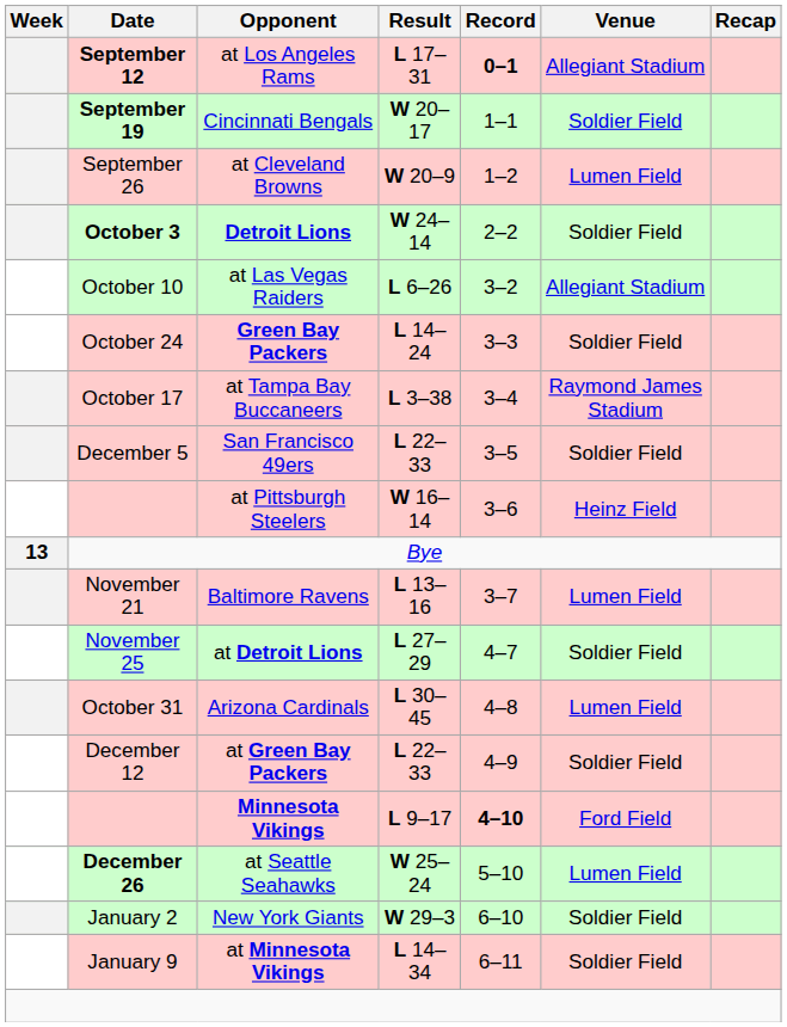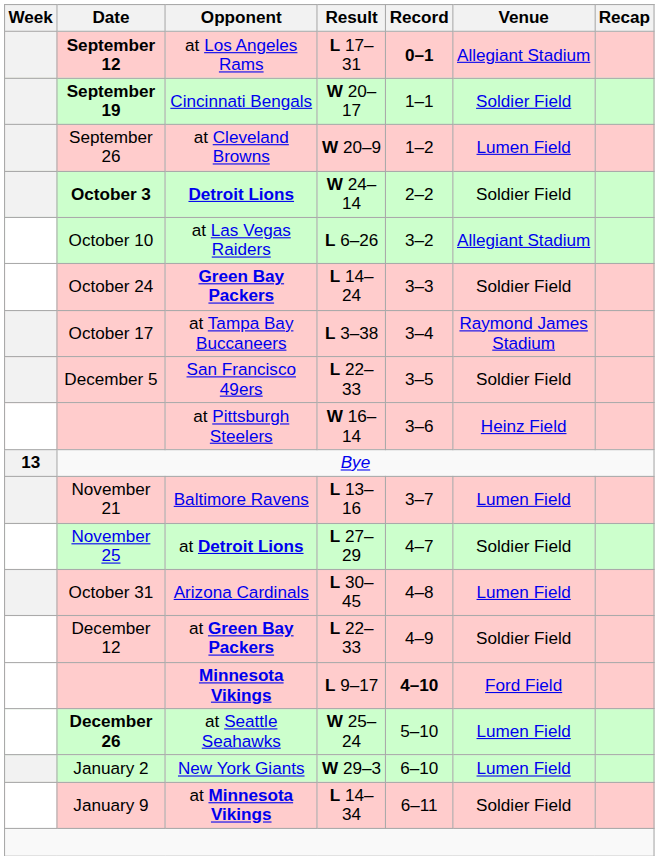 <table class="wikitable" style="text-align:center">
 <tr>
 <th>Week</th>
 <th>Date</th>
 <th>Opponent</th>
 <th>Result</th>
 <th>Record</th>
 <th>Venue</th>
 <th>Recap</th>
 </tr>
 <tr style="background:#fcc">
 <th><a href='#'></a></th>
 <td><strong>September 12</strong></td>
 <td>at <a href='#'>Los Angeles Rams</a></td>
 <td><strong>L</strong> 17–31</td>
 <td><strong>0–1</strong></td>
 <td><a href='#'>Allegiant Stadium</a></td>
 <td></td>
 </tr>
 <tr style="background:#cfc">
 <th><a href='#'></a></th>
 <td><strong>September 19</strong></td>
 <td><a href='#'>Cincinnati Bengals</a></td>
 <td><strong>W</strong> 20–17</td>
 <td>1–1</td>
 <td><a href='#'>Soldier Field</a></td>
 <td></td>
 </tr>
 <tr style="background:#fcc">
 <th><a href='#'></a></th>
 <td>September 26</td>
 <td>at <a href='#'>Cleveland Browns</a></td>
 <td><strong>W</strong> 20–9</td>
 <td>1–2</td>
 <td><a href='#'>Lumen Field</a></td>
 <td></td>
 </tr>
 <tr style="background:#cfc">
 <th><a href='#'></a></th>
 <td><strong>October 3</strong></td>
 <td><strong><a href='#'>Detroit Lions</a></strong></td>
 <td><strong>W</strong> 24–14</td>
 <td>2–2</td>
 <td>Soldier Field</td>
 <td></td>
 </tr>
 <tr style="background:#cfc">
 <th style="background:white;color:#03202F"><a href='#'></a></th>
 <td>October 10</td>
 <td>at <a href='#'>Las Vegas Raiders</a></td>
 <td><strong>L</strong> 6–26</td>
 <td>3–2</td>
 <td><a href='#'>Allegiant Stadium</a></td>
 <td></td>
 </tr>
 <tr style="background:#fcc">
 <th style="background:white;color:#df6108"><a href='#'></a></th>
 <td>October 24</td>
 <td><strong><a href='#'>Green Bay Packers</a></strong></td>
 <td><strong>L</strong> 14–24</td>
 <td>3–3</td>
 <td>Soldier Field</td>
 <td></td>
 </tr>
 <tr style="background:#fcc">
 <th><a href='#'></a></th>
 <td>October 17</td>
 <td>at <a href='#'>Tampa Bay Buccaneers</a></td>
 <td><strong>L</strong> 3–38</td>
 <td>3–4</td>
 <td><a href='#'>Raymond James Stadium</a></td>
 <td></td>
 </tr>
 <tr style="background:#fcc">
 <th><a href='#'></a></th>
 <td>December 5</td>
 <td><a href='#'>San Francisco 49ers</a></td>
 <td><strong>L</strong> 22–33</td>
 <td>3–5</td>
 <td>Soldier Field</td>
 <td></td>
 </tr>
 <tr style="background:#fcc">
 <th style="background:white;color:#03202F"><a href='#'></a></th>
 <td></td>
 <td>at <a href='#'>Pittsburgh Steelers</a></td>
 <td><strong>W</strong> 16–14</td>
 <td>3–6</td>
 <td><a href='#'>Heinz Field</a></td>
 <td></td>
 </tr>
 <tr>
 <th>13</th>
 <td colspan="6"><em><a href='#'>Bye</a></em></td>
 </tr>
 <tr style="background:#fcc">
 <th><a href='#'></a></th>
 <td>November 21</td>
 <td><a href='#'>Baltimore Ravens</a></td>
 <td><strong>L</strong> 13–16</td>
 <td>3–7</td>
 <td><a href='#'>Lumen Field</a></td>
 <td></td>
 </tr>
 <tr style="background:#cfc">
 <th style="background:white;color:#03202F"><a href='#'></a></th>
 <td><a href='#'>November 25</a></td>
 <td>at <strong><a href='#'>Detroit Lions</a></strong></td>
 <td><strong>L</strong> 27–29</td>
 <td>4–7</td>
 <td>Soldier Field</td>
 <td></td>
 </tr>
 <tr style="background:#fcc">
 <th><a href='#'></a></th>
 <td>October 31</td>
 <td><a href='#'>Arizona Cardinals</a></td>
 <td><strong>L</strong> 30–45</td>
 <td>4–8</td>
 <td><a href='#'>Lumen Field</a></td>
 <td></td>
 </tr>
 <tr style="background:#fcc">
 <th style="background:white;color:#03202F"><a href='#'></a></th>
 <td>December 12</td>
 <td>at <strong><a href='#'>Green Bay Packers</a></strong></td>
 <td><strong>L</strong> 22–33</td>
 <td>4–9</td>
 <td>Soldier Field</td>
 <td></td>
 </tr>
 <tr style="background:#fcc">
 <th style="background:white;color:#df6108"><a href='#'></a></th>
 <td></td>
 <td><a href='#'><strong>Minnesota Vikings</strong></a></td>
 <td><strong>L</strong> 9–17</td>
 <td><strong>4–10</strong></td>
 <td><a href='#'>Ford Field</a></td>
 <td></td>
 </tr>
 <tr style="background:#cfc">
 <th style="background:white;color:#03202F"><a href='#'></a></th>
 <td><strong>December 26</strong></td>
 <td>at <a href='#'>Seattle Seahawks</a></td>
 <td><strong>W</strong> 25–24</td>
 <td>5–10</td>
 <td><a href='#'>Lumen Field</a></td>
 <td></td>
 </tr>
 <tr style="background:#cfc">
 <th><a href='#'></a></th>
 <td>January 2</td>
 <td><a href='#'>New York Giants</a></td>
 <td><strong>W</strong> 29–3</td>
 <td>6–10</td>
-<td>Soldier Field</td>
+<td><a href='#'>Lumen Field</a></td>
 <td></td>
 </tr>
 <tr style="background:#fcc">
 <th style="background:white;color:#03202F"><a href='#'></a></th>
 <td>January 9</td>
 <td>at <strong><a href='#'>Minnesota Vikings</a></strong></td>
 <td><strong>L</strong> 14–34</td>
 <td>6–11</td>
 <td>Soldier Field</td>
 <td></td>
 </tr>
 <tr>
 <td colspan="7"><br></td>
 </tr>
 </table>
